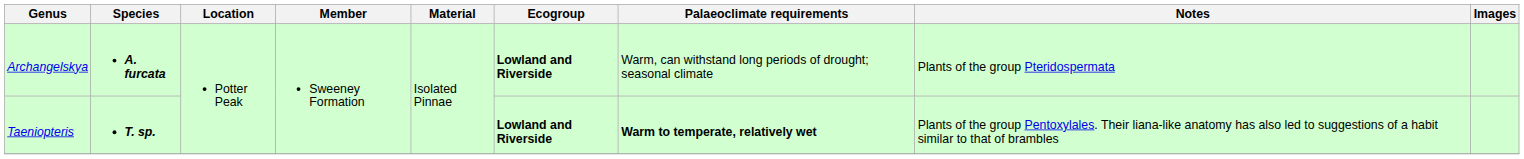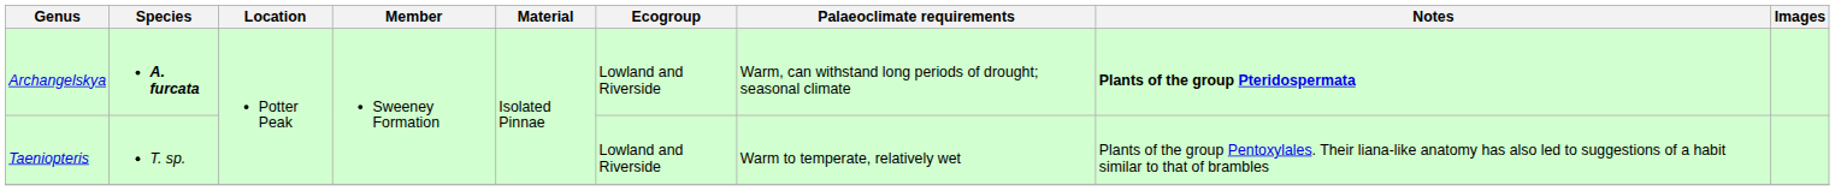 <table class="wikitable sortable">
 <tr>
 <th>Genus</th>
 <th>Species</th>
 <th>Location</th>
 <th>Member</th>
 <th>Material</th>
 <th>Ecogroup</th>
 <th>Palaeoclimate requirements</th>
 <th>Notes</th>
 <th>Images</th>
 </tr>
 <tr>
 <td style="background:#D1FFCF;"><br><em><a href='#'>Archangelskya</a></em></td>
 <td style="background:#D1FFCF;"><strong><br><ul><li><em>A. furcata</em></li></ul></strong></td>
 <td rowspan="2" style="background:#D1FFCF;"><br><ul><li>Potter Peak</li></ul></td>
 <td rowspan="2" style="background:#D1FFCF;"><br><ul><li>Sweeney Formation</li></ul></td>
 <td rowspan="2" style="background:#D1FFCF;"><br>Isolated Pinnae</td>
-<td style="background:#D1FFCF;"><strong><br>Lowland and Riverside</strong></td>
+<td style="background:#D1FFCF;"><br>Lowland and Riverside</td>
 <td style="background:#D1FFCF;"><br>Warm, can withstand long periods of drought; seasonal climate</td>
-<td style="background:#D1FFCF;"><br>Plants of the group <a href='#'>Pteridospermata</a></td>
+<td style="background:#D1FFCF;"><strong><br>Plants of the group <a href='#'>Pteridospermata</a></strong></td>
 <td style="background:#D1FFCF;"></td>
 </tr>
 <tr>
 <td style="background:#D1FFCF;"><br><em><a href='#'>Taeniopteris</a></em></td>
-<td style="background:#D1FFCF;"><strong><br><ul><li><em>T. sp.</em></li></ul></strong></td>
-<td style="background:#D1FFCF;"><strong><br>Lowland and Riverside</strong></td>
-<td style="background:#D1FFCF;"><strong><br>Warm to temperate, relatively wet</strong></td>
+<td style="background:#D1FFCF;"><br><ul><li><em>T. sp.</em></li></ul></td>
+<td style="background:#D1FFCF;"><br>Lowland and Riverside</td>
+<td style="background:#D1FFCF;"><br>Warm to temperate, relatively wet</td>
 <td style="background:#D1FFCF;"><br>Plants of the group <a href='#'>Pentoxylales</a>. Their liana-like anatomy has also led to suggestions of a habit similar to that of brambles</td>
 <td style="background:#D1FFCF;"></td>
 </tr>
 <tr>
 </tr>
 </table>
